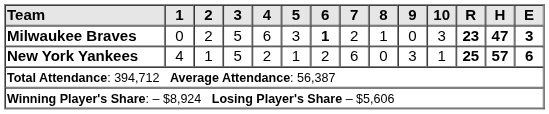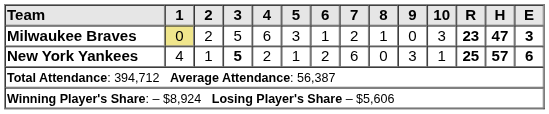 <table border=1 cellspacing=0 width=575 style="margin-left:3em;">
 <tr style="text-align:center; background-color:#e6e6e6;">
 <th align=left width=155>Team</th>
 <th width=25>1</th>
 <th width=25>2</th>
 <th width=25>3</th>
 <th width=25>4</th>
 <th width=25>5</th>
 <th width=25>6</th>
 <th width=25>7</th>
 <th width=25>8</th>
 <th width=25>9</th>
 <th width=25>10</th>
 <th width=25>R</th>
 <th width=25>H</th>
 <th width=25>E</th>
 </tr>
 <tr style="text-align:center;">
 <td align=left><strong>Milwaukee Braves</strong></td>
-<td>0</td>
+<td style="background: khaki;">0</td>
 <td>2</td>
 <td>5</td>
 <td>6</td>
 <td>3</td>
-<td><strong>1</strong></td>
+<td>1</td>
 <td>2</td>
 <td>1</td>
 <td>0</td>
 <td>3</td>
 <td><strong>23</strong></td>
 <td><strong>47</strong></td>
 <td><strong>3</strong></td>
 </tr>
 <tr style="text-align:center;">
 <td align=left><strong>New York Yankees</strong></td>
 <td>4</td>
 <td>1</td>
-<td>5</td>
+<td><strong>5</strong></td>
 <td>2</td>
 <td>1</td>
 <td>2</td>
 <td>6</td>
 <td>0</td>
 <td>3</td>
 <td>1</td>
 <td><strong>25</strong></td>
 <td><strong>57</strong></td>
 <td><strong>6</strong></td>
 </tr>
 <tr style="text-align:left;">
 <td colspan=15><small><strong>Total Attendance</strong>: 394,712   <strong>Average Attendance</strong>: 56,387</small></td>
 </tr>
 <tr style="text-align:left;">
 <td colspan=15><small><strong>Winning Player's Share</strong>:  – $8,924   <strong>Losing Player's Share</strong> – $5,606</small></td>
 </tr>
 </table>
